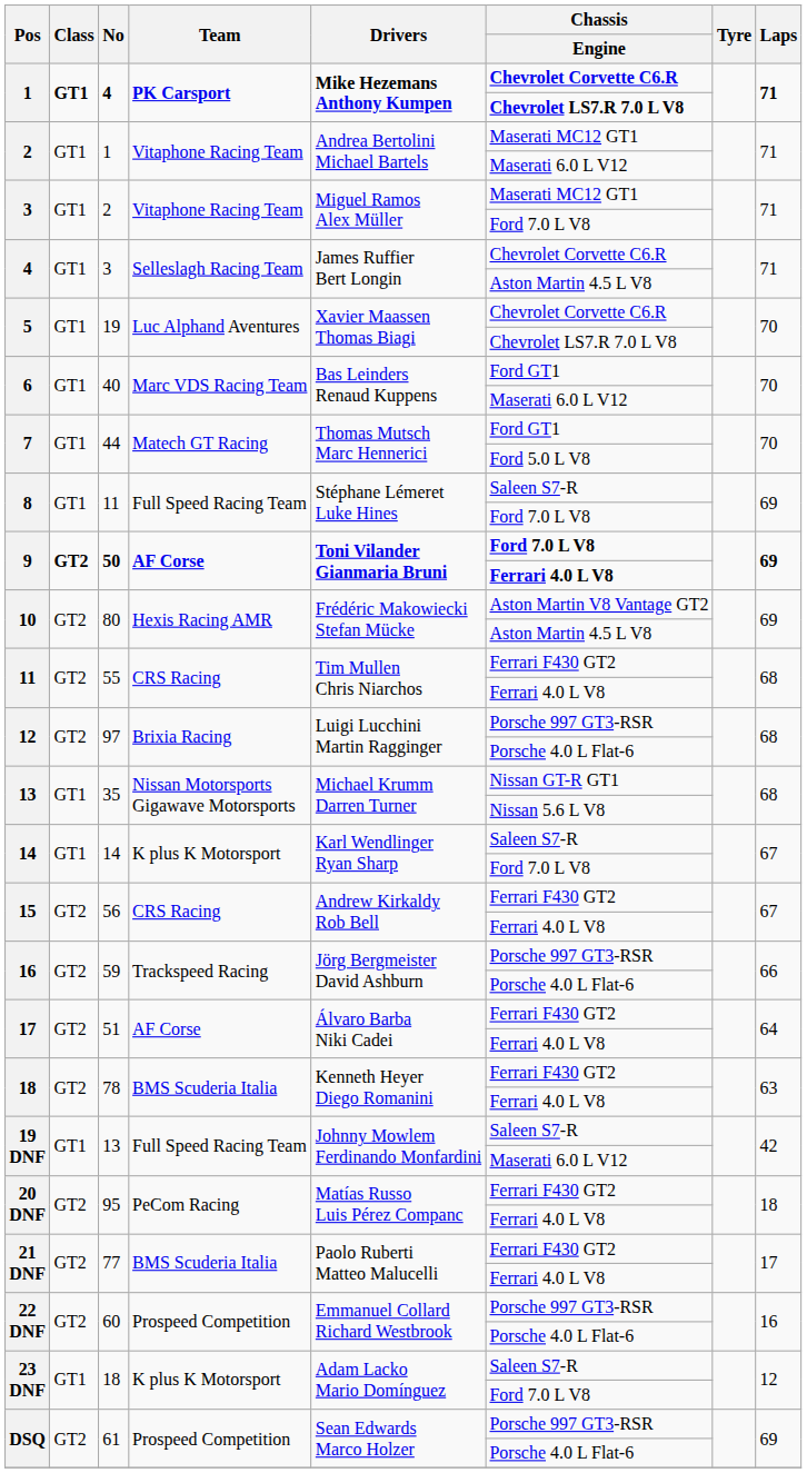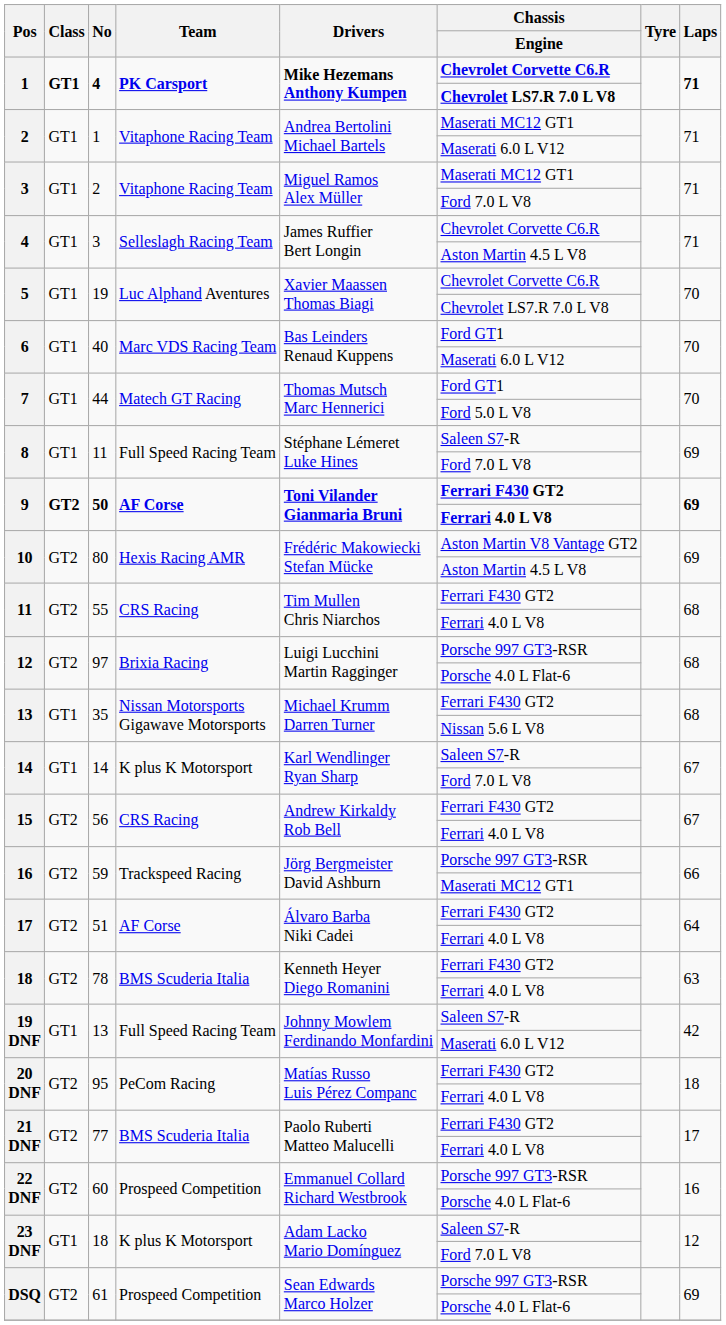 <table class="wikitable" style="font-size: 95%;">
 <tr>
 <th rowspan=2>Pos</th>
 <th rowspan=2>Class</th>
 <th rowspan=2>No</th>
 <th rowspan=2>Team</th>
 <th rowspan=2>Drivers</th>
 <th>Chassis</th>
 <th rowspan=2>Tyre</th>
 <th rowspan=2>Laps</th>
 </tr>
 <tr>
 <th>Engine</th>
 </tr>
 <tr style="font-weight:bold">
 <th rowspan=2>1</th>
 <td rowspan=2>GT1</td>
 <td rowspan=2>4</td>
 <td rowspan=2> <a href='#'>PK Carsport</a></td>
 <td rowspan=2> Mike Hezemans<br> <a href='#'>Anthony Kumpen</a></td>
 <td><a href='#'>Chevrolet Corvette C6.R</a></td>
 <td rowspan=2></td>
 <td rowspan=2>71</td>
 </tr>
 <tr style="font-weight:bold">
 <td><a href='#'>Chevrolet</a> LS7.R 7.0 L V8</td>
 </tr>
 <tr>
 <th rowspan=2>2</th>
 <td rowspan=2>GT1</td>
 <td rowspan=2>1</td>
 <td rowspan=2> <a href='#'>Vitaphone Racing Team</a></td>
 <td rowspan=2> <a href='#'>Andrea Bertolini</a><br> <a href='#'>Michael Bartels</a></td>
 <td><a href='#'>Maserati MC12</a> GT1</td>
 <td rowspan=2></td>
 <td rowspan=2>71</td>
 </tr>
 <tr>
 <td><a href='#'>Maserati</a> 6.0 L V12</td>
 </tr>
 <tr>
 <th rowspan=2>3</th>
 <td rowspan=2>GT1</td>
 <td rowspan=2>2</td>
 <td rowspan=2> <a href='#'>Vitaphone Racing Team</a></td>
 <td rowspan=2> <a href='#'>Miguel Ramos</a><br> <a href='#'>Alex Müller</a></td>
 <td><a href='#'>Maserati MC12</a> GT1</td>
 <td rowspan=2></td>
 <td rowspan=2>71</td>
 </tr>
 <tr>
 <td><a href='#'>Ford</a> 7.0 L V8</td>
 </tr>
 <tr>
 <th rowspan=2>4</th>
 <td rowspan=2>GT1</td>
 <td rowspan=2>3</td>
 <td rowspan=2> <a href='#'>Selleslagh Racing Team</a></td>
 <td rowspan=2> James Ruffier<br> Bert Longin</td>
 <td><a href='#'>Chevrolet Corvette C6.R</a></td>
 <td rowspan=2></td>
 <td rowspan=2>71</td>
 </tr>
 <tr>
 <td><a href='#'>Aston Martin</a> 4.5 L V8</td>
 </tr>
 <tr>
 <th rowspan=2>5</th>
 <td rowspan=2>GT1</td>
 <td rowspan=2>19</td>
 <td rowspan=2> <a href='#'>Luc Alphand</a> Aventures</td>
 <td rowspan=2> <a href='#'>Xavier Maassen</a><br> <a href='#'>Thomas Biagi</a></td>
 <td><a href='#'>Chevrolet Corvette C6.R</a></td>
 <td rowspan=2></td>
 <td rowspan=2>70</td>
 </tr>
 <tr>
 <td><a href='#'>Chevrolet</a> LS7.R 7.0 L V8</td>
 </tr>
 <tr>
 <th rowspan=2>6</th>
 <td rowspan=2>GT1</td>
 <td rowspan=2>40</td>
 <td rowspan=2> <a href='#'>Marc VDS Racing Team</a></td>
 <td rowspan=2> <a href='#'>Bas Leinders</a><br> Renaud Kuppens</td>
 <td><a href='#'>Ford GT</a>1</td>
 <td rowspan=2></td>
 <td rowspan=2>70</td>
 </tr>
 <tr>
 <td><a href='#'>Maserati</a> 6.0 L V12</td>
 </tr>
 <tr>
 <th rowspan=2>7</th>
 <td rowspan=2>GT1</td>
 <td rowspan=2>44</td>
 <td rowspan=2> <a href='#'>Matech GT Racing</a></td>
 <td rowspan=2> <a href='#'>Thomas Mutsch</a><br> <a href='#'>Marc Hennerici</a></td>
 <td><a href='#'>Ford GT</a>1</td>
 <td rowspan=2></td>
 <td rowspan=2>70</td>
 </tr>
 <tr>
 <td><a href='#'>Ford</a> 5.0 L V8</td>
 </tr>
 <tr>
 <th rowspan=2>8</th>
 <td rowspan=2>GT1</td>
 <td rowspan=2>11</td>
 <td rowspan=2> Full Speed Racing Team</td>
 <td rowspan=2> Stéphane Lémeret<br> <a href='#'>Luke Hines</a></td>
 <td><a href='#'>Saleen S7</a>-R</td>
 <td rowspan=2></td>
 <td rowspan=2>69</td>
 </tr>
 <tr>
 <td><a href='#'>Ford</a> 7.0 L V8</td>
 </tr>
 <tr style="font-weight:bold">
 <th rowspan=2>9</th>
 <td rowspan=2>GT2</td>
 <td rowspan=2>50</td>
 <td rowspan=2> <a href='#'>AF Corse</a></td>
 <td rowspan=2> <a href='#'>Toni Vilander</a><br> <a href='#'>Gianmaria Bruni</a></td>
-<td><a href='#'>Ford</a> 7.0 L V8</td>
+<td><a href='#'>Ferrari F430</a> GT2</td>
 <td rowspan=2></td>
 <td rowspan=2>69</td>
 </tr>
 <tr style="font-weight:bold">
 <td><a href='#'>Ferrari</a> 4.0 L V8</td>
 </tr>
 <tr>
 <th rowspan=2>10</th>
 <td rowspan=2>GT2</td>
 <td rowspan=2>80</td>
 <td rowspan=2> <a href='#'>Hexis Racing AMR</a></td>
 <td rowspan=2> <a href='#'>Frédéric Makowiecki</a><br> <a href='#'>Stefan Mücke</a></td>
 <td><a href='#'>Aston Martin V8 Vantage</a> GT2</td>
 <td rowspan=2></td>
 <td rowspan=2>69</td>
 </tr>
 <tr>
 <td><a href='#'>Aston Martin</a> 4.5 L V8</td>
 </tr>
 <tr>
 <th rowspan=2>11</th>
 <td rowspan=2>GT2</td>
 <td rowspan=2>55</td>
 <td rowspan=2> <a href='#'>CRS Racing</a></td>
 <td rowspan=2> <a href='#'>Tim Mullen</a><br> Chris Niarchos</td>
 <td><a href='#'>Ferrari F430</a> GT2</td>
 <td rowspan=2></td>
 <td rowspan=2>68</td>
 </tr>
 <tr>
 <td><a href='#'>Ferrari</a> 4.0 L V8</td>
 </tr>
 <tr>
 <th rowspan=2>12</th>
 <td rowspan=2>GT2</td>
 <td rowspan=2>97</td>
 <td rowspan=2> <a href='#'>Brixia Racing</a></td>
 <td rowspan=2> Luigi Lucchini<br> Martin Ragginger</td>
 <td><a href='#'>Porsche 997 GT3</a>-RSR</td>
 <td rowspan=2></td>
 <td rowspan=2>68</td>
 </tr>
 <tr>
 <td><a href='#'>Porsche</a> 4.0 L Flat-6</td>
 </tr>
 <tr>
 <th rowspan=2>13</th>
 <td rowspan=2>GT1</td>
 <td rowspan=2>35</td>
 <td rowspan=2> <a href='#'>Nissan Motorsports</a><br> Gigawave Motorsports</td>
 <td rowspan=2> <a href='#'>Michael Krumm</a><br> <a href='#'>Darren Turner</a></td>
-<td><a href='#'>Nissan GT-R</a> GT1</td>
+<td><a href='#'>Ferrari F430</a> GT2</td>
 <td rowspan=2></td>
 <td rowspan=2>68</td>
 </tr>
 <tr>
 <td><a href='#'>Nissan</a> 5.6 L V8</td>
 </tr>
 <tr>
 <th rowspan=2>14</th>
 <td rowspan=2>GT1</td>
 <td rowspan=2>14</td>
 <td rowspan=2> K plus K Motorsport</td>
 <td rowspan=2> <a href='#'>Karl Wendlinger</a><br> <a href='#'>Ryan Sharp</a></td>
 <td><a href='#'>Saleen S7</a>-R</td>
 <td rowspan=2></td>
 <td rowspan=2>67</td>
 </tr>
 <tr>
 <td><a href='#'>Ford</a> 7.0 L V8</td>
 </tr>
 <tr>
 <th rowspan=2>15</th>
 <td rowspan=2>GT2</td>
 <td rowspan=2>56</td>
 <td rowspan=2> <a href='#'>CRS Racing</a></td>
 <td rowspan=2> <a href='#'>Andrew Kirkaldy</a><br> <a href='#'>Rob Bell</a></td>
 <td><a href='#'>Ferrari F430</a> GT2</td>
 <td rowspan=2></td>
 <td rowspan=2>67</td>
 </tr>
 <tr>
 <td><a href='#'>Ferrari</a> 4.0 L V8</td>
 </tr>
 <tr>
 <th rowspan=2>16</th>
 <td rowspan=2>GT2</td>
 <td rowspan=2>59</td>
 <td rowspan=2> Trackspeed Racing</td>
 <td rowspan=2> <a href='#'>Jörg Bergmeister</a><br> David Ashburn</td>
 <td><a href='#'>Porsche 997 GT3</a>-RSR</td>
 <td rowspan=2></td>
 <td rowspan=2>66</td>
 </tr>
 <tr>
-<td><a href='#'>Porsche</a> 4.0 L Flat-6</td>
+<td><a href='#'>Maserati MC12</a> GT1</td>
 </tr>
 <tr>
 <th rowspan=2>17</th>
 <td rowspan=2>GT2</td>
 <td rowspan=2>51</td>
 <td rowspan=2> <a href='#'>AF Corse</a></td>
 <td rowspan=2> <a href='#'>Álvaro Barba</a><br> Niki Cadei</td>
 <td><a href='#'>Ferrari F430</a> GT2</td>
 <td rowspan=2></td>
 <td rowspan=2>64</td>
 </tr>
 <tr>
 <td><a href='#'>Ferrari</a> 4.0 L V8</td>
 </tr>
 <tr>
 <th rowspan=2>18</th>
 <td rowspan=2>GT2</td>
 <td rowspan=2>78</td>
 <td rowspan=2> <a href='#'>BMS Scuderia Italia</a></td>
 <td rowspan=2> Kenneth Heyer<br> <a href='#'>Diego Romanini</a></td>
 <td><a href='#'>Ferrari F430</a> GT2</td>
 <td rowspan=2></td>
 <td rowspan=2>63</td>
 </tr>
 <tr>
 <td><a href='#'>Ferrari</a> 4.0 L V8</td>
 </tr>
 <tr>
 <th rowspan=2>19<br>DNF</th>
 <td rowspan=2>GT1</td>
 <td rowspan=2>13</td>
 <td rowspan=2> Full Speed Racing Team</td>
 <td rowspan=2> <a href='#'>Johnny Mowlem</a><br> <a href='#'>Ferdinando Monfardini</a></td>
 <td><a href='#'>Saleen S7</a>-R</td>
 <td rowspan=2></td>
 <td rowspan=2>42</td>
 </tr>
 <tr>
 <td><a href='#'>Maserati</a> 6.0 L V12</td>
 </tr>
 <tr>
 <th rowspan=2>20<br>DNF</th>
 <td rowspan=2>GT2</td>
 <td rowspan=2>95</td>
 <td rowspan=2> PeCom Racing</td>
 <td rowspan=2> <a href='#'>Matías Russo</a><br> <a href='#'>Luis Pérez Companc</a></td>
 <td><a href='#'>Ferrari F430</a> GT2</td>
 <td rowspan=2></td>
 <td rowspan=2>18</td>
 </tr>
 <tr>
 <td><a href='#'>Ferrari</a> 4.0 L V8</td>
 </tr>
 <tr>
 <th rowspan=2>21<br>DNF</th>
 <td rowspan=2>GT2</td>
 <td rowspan=2>77</td>
 <td rowspan=2> <a href='#'>BMS Scuderia Italia</a></td>
 <td rowspan=2> Paolo Ruberti<br> Matteo Malucelli</td>
 <td><a href='#'>Ferrari F430</a> GT2</td>
 <td rowspan=2></td>
 <td rowspan=2>17</td>
 </tr>
 <tr>
 <td><a href='#'>Ferrari</a> 4.0 L V8</td>
 </tr>
 <tr>
 <th rowspan=2>22<br>DNF</th>
 <td rowspan=2>GT2</td>
 <td rowspan=2>60</td>
 <td rowspan=2> Prospeed Competition</td>
 <td rowspan=2> <a href='#'>Emmanuel Collard</a><br> <a href='#'>Richard Westbrook</a></td>
 <td><a href='#'>Porsche 997 GT3</a>-RSR</td>
 <td rowspan=2></td>
 <td rowspan=2>16</td>
 </tr>
 <tr>
 <td><a href='#'>Porsche</a> 4.0 L Flat-6</td>
 </tr>
 <tr>
 <th rowspan=2>23<br>DNF</th>
 <td rowspan=2>GT1</td>
 <td rowspan=2>18</td>
 <td rowspan=2> K plus K Motorsport</td>
 <td rowspan=2> <a href='#'>Adam Lacko</a><br> <a href='#'>Mario Domínguez</a></td>
 <td><a href='#'>Saleen S7</a>-R</td>
 <td rowspan=2></td>
 <td rowspan=2>12</td>
 </tr>
 <tr>
 <td><a href='#'>Ford</a> 7.0 L V8</td>
 </tr>
 <tr>
 <th rowspan=2>DSQ</th>
 <td rowspan=2>GT2</td>
 <td rowspan=2>61</td>
 <td rowspan=2> Prospeed Competition</td>
 <td rowspan=2> <a href='#'>Sean Edwards</a><br> <a href='#'>Marco Holzer</a></td>
 <td><a href='#'>Porsche 997 GT3</a>-RSR</td>
 <td rowspan=2></td>
 <td rowspan=2>69</td>
 </tr>
 <tr>
 <td><a href='#'>Porsche</a> 4.0 L Flat-6</td>
 </tr>
 <tr>
 </tr>
 </table>
